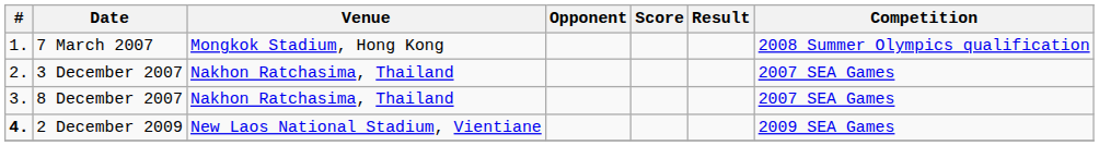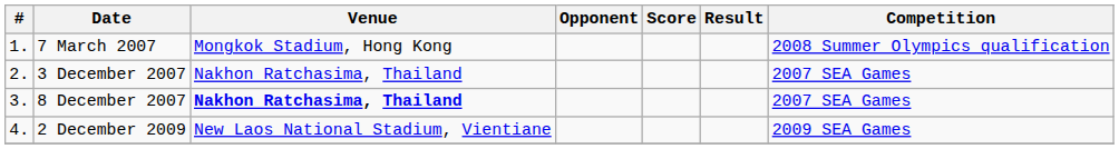 <table class="wikitable" style="font-size:90%; text-align:left;">
 <tr>
 <th>#</th>
 <th>Date</th>
 <th>Venue</th>
 <th>Opponent</th>
 <th>Score</th>
 <th>Result</th>
 <th>Competition</th>
 </tr>
 <tr>
 <td>1.</td>
 <td>7 March 2007</td>
 <td><a href='#'>Mongkok Stadium</a>, Hong Kong</td>
 <td></td>
 <td></td>
 <td></td>
 <td><a href='#'>2008 Summer Olympics qualification</a></td>
 </tr>
 <tr>
 <td>2.</td>
 <td>3 December 2007</td>
 <td><a href='#'>Nakhon Ratchasima</a>, <a href='#'>Thailand</a></td>
 <td></td>
 <td></td>
 <td></td>
 <td><a href='#'>2007 SEA Games</a></td>
 </tr>
 <tr>
 <td>3.</td>
 <td>8 December 2007</td>
-<td><a href='#'>Nakhon Ratchasima</a>, <a href='#'>Thailand</a></td>
+<td><strong><a href='#'>Nakhon Ratchasima</a>, <a href='#'>Thailand</a></strong></td>
 <td></td>
 <td></td>
 <td></td>
 <td><a href='#'>2007 SEA Games</a></td>
 </tr>
 <tr>
-<td><strong>4.</strong></td>
+<td>4.</td>
 <td>2 December 2009</td>
 <td><a href='#'>New Laos National Stadium</a>, <a href='#'>Vientiane</a></td>
 <td></td>
 <td></td>
 <td></td>
 <td><a href='#'>2009 SEA Games</a></td>
 </tr>
 <tr>
 </tr>
 </table>
